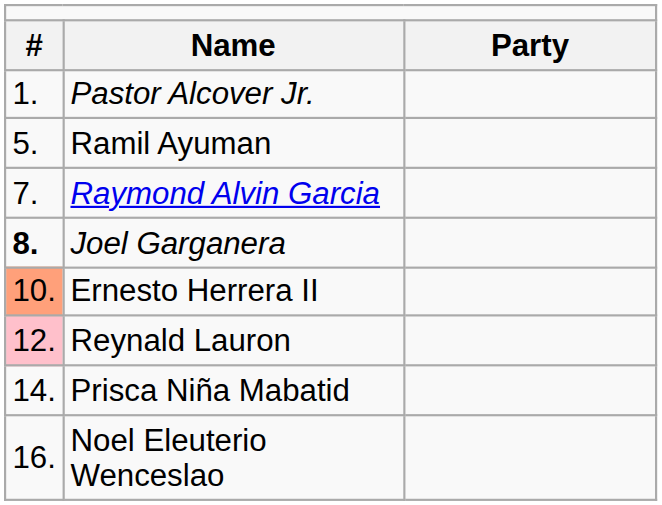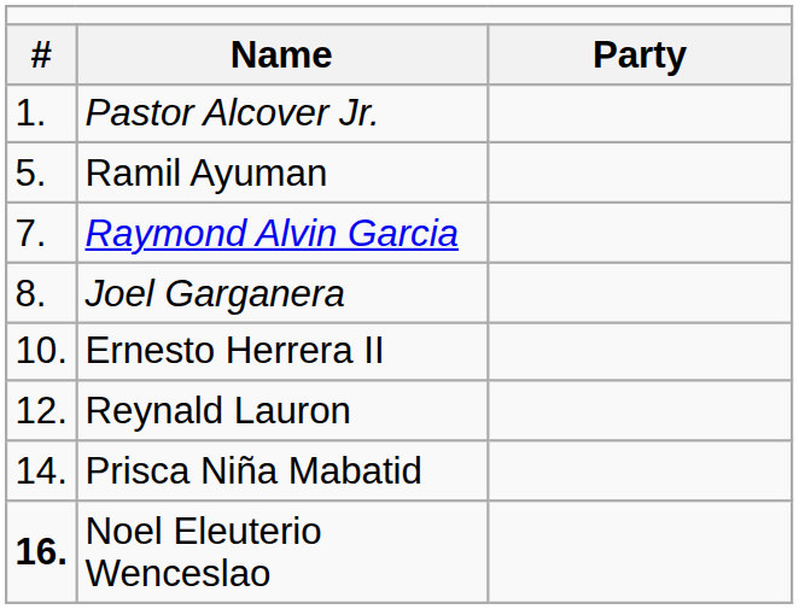 <table class=wikitable style="font-size:90%">
 <tr>
 <td colspan=4 bgcolor=></td>
 </tr>
 <tr>
 <th>#</th>
 <th width=150px>Name</th>
 <th colspan=2 width=110px>Party</th>
 </tr>
 <tr>
 <td>1.</td>
 <td><em>Pastor Alcover Jr.</em></td>
 <td></td>
 </tr>
 <tr>
 <td>5.</td>
 <td>Ramil Ayuman</td>
 <td></td>
 </tr>
 <tr>
 <td>7.</td>
 <td><em><a href='#'>Raymond Alvin Garcia</a></em></td>
 <td></td>
 </tr>
 <tr>
-<td><strong>8.</strong></td>
+<td>8.</td>
 <td><em>Joel Garganera</em></td>
 <td></td>
 </tr>
 <tr>
-<td style="background: lightsalmon;">10.</td>
+<td>10.</td>
 <td>Ernesto Herrera II</td>
 <td></td>
 </tr>
 <tr>
-<td style="background: pink;">12.</td>
+<td>12.</td>
 <td>Reynald Lauron</td>
 <td></td>
 </tr>
 <tr>
 <td>14.</td>
 <td>Prisca Niña Mabatid</td>
 <td></td>
 </tr>
 <tr>
-<td>16.</td>
+<td><strong>16.</strong></td>
 <td>Noel Eleuterio Wenceslao</td>
 <td></td>
 </tr>
 </table>
